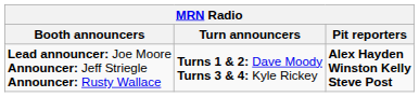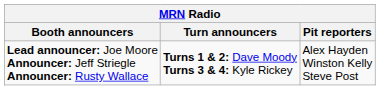 <table class="wikitable" style="font-size: 95%;">
 <tr>
 <th colspan="3"><a href='#'>MRN</a> Radio</th>
 </tr>
 <tr>
 <th>Booth announcers</th>
 <th>Turn announcers</th>
 <th>Pit reporters</th>
 </tr>
 <tr>
 <td><strong>Lead announcer:</strong> Joe Moore<br><strong>Announcer:</strong> Jeff Striegle<br><strong>Announcer:</strong> <a href='#'>Rusty Wallace</a></td>
 <td><strong>Turns 1 & 2:</strong> <a href='#'>Dave Moody</a><br><strong>Turns 3 & 4:</strong> Kyle Rickey</td>
-<td><strong>Alex Hayden<br>Winston Kelly<br>Steve Post</strong></td>
+<td>Alex Hayden<br>Winston Kelly<br>Steve Post</td>
 </tr>
 </table>
